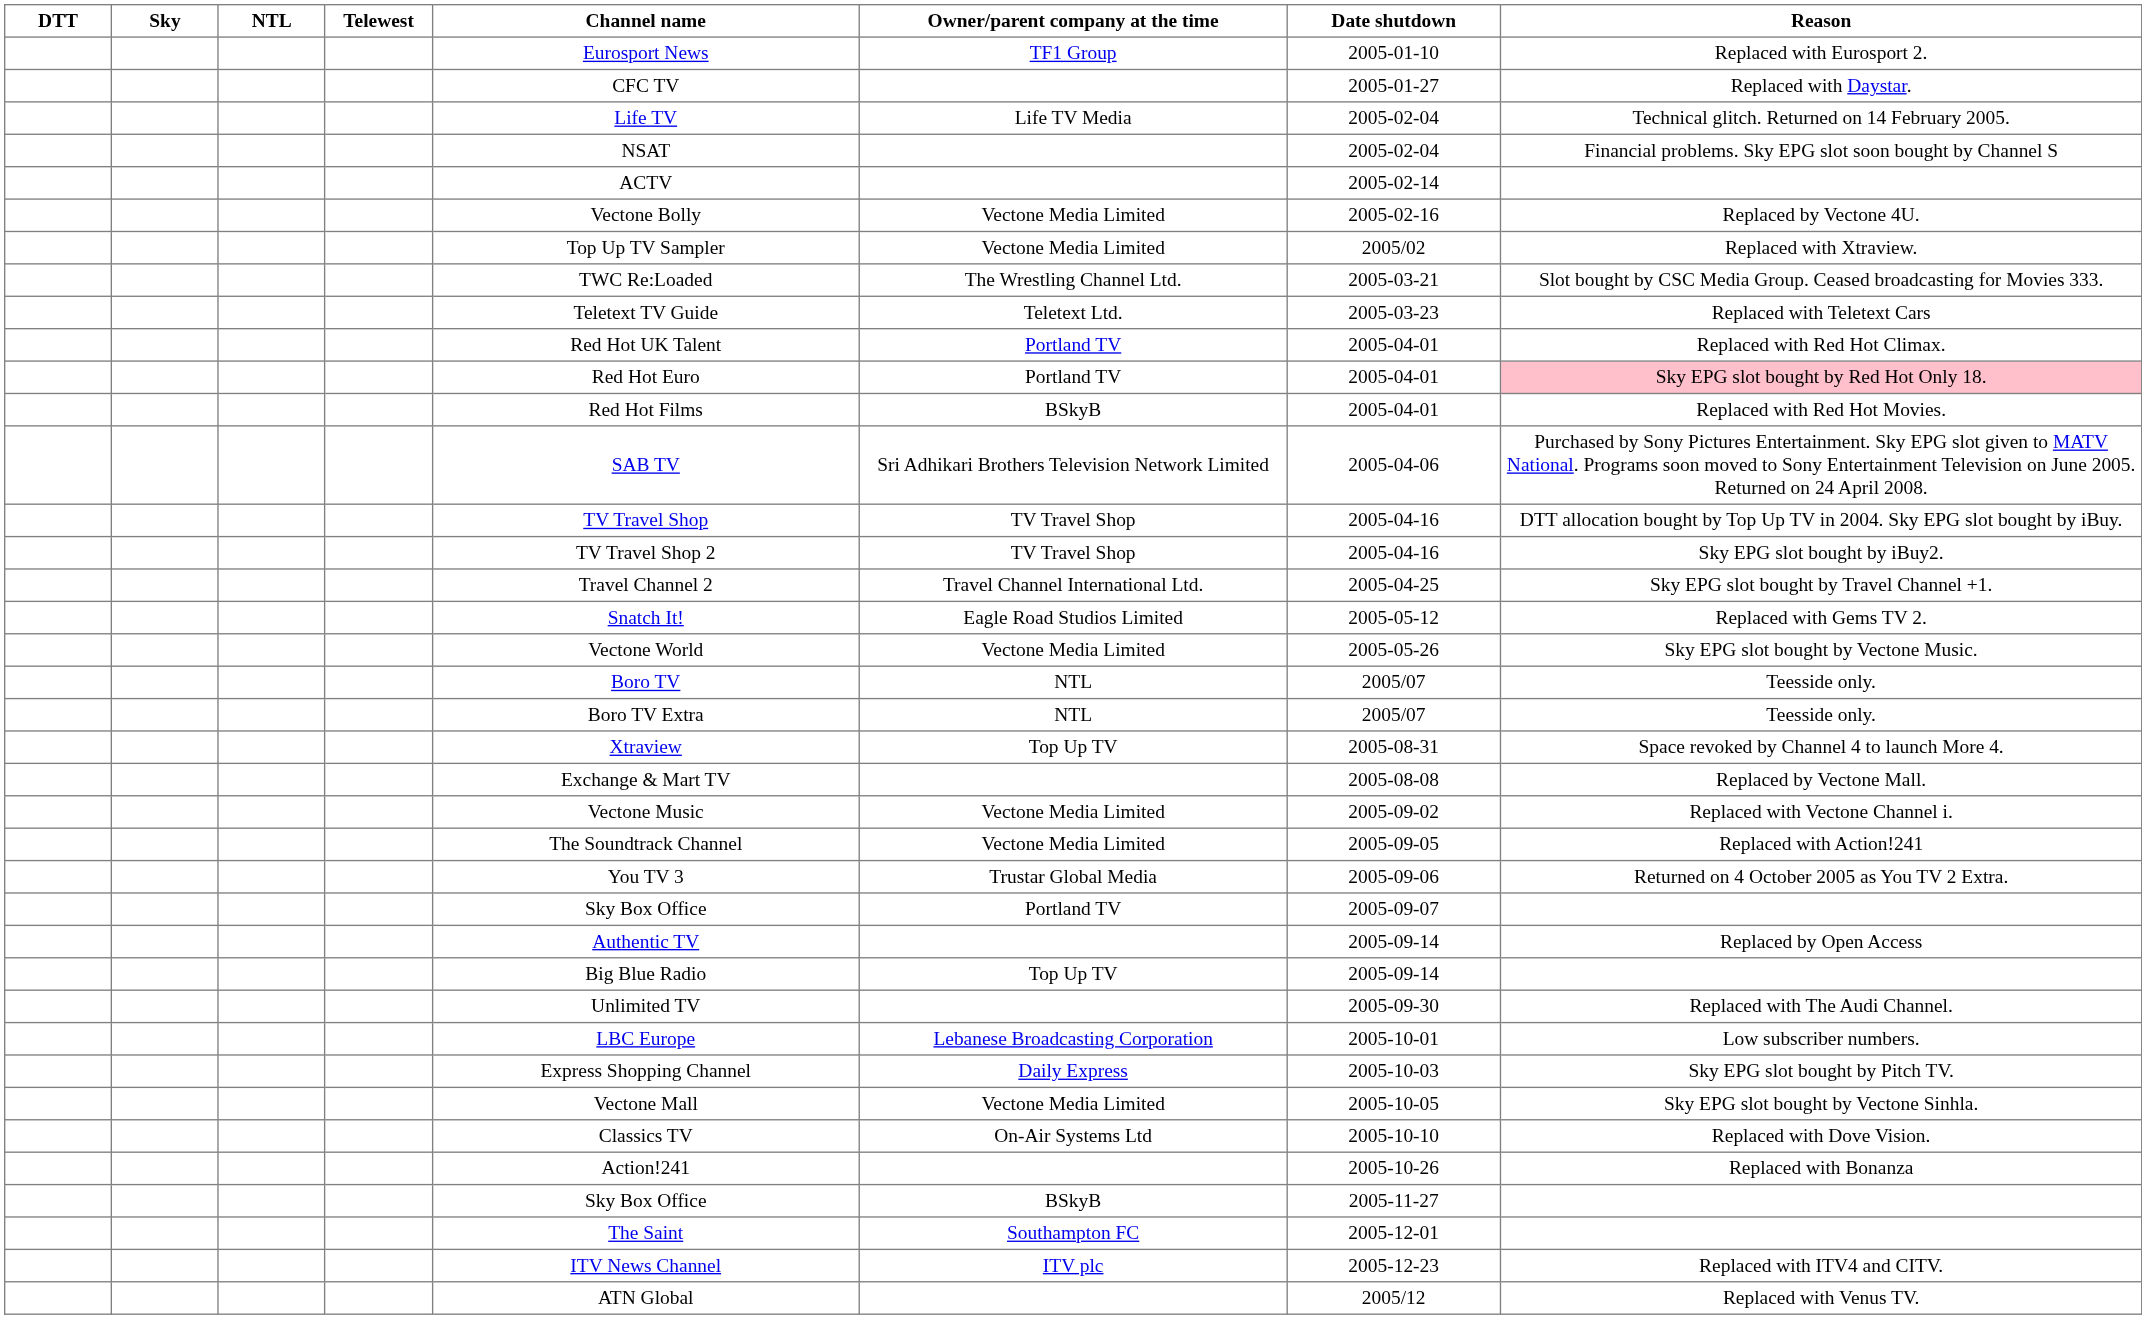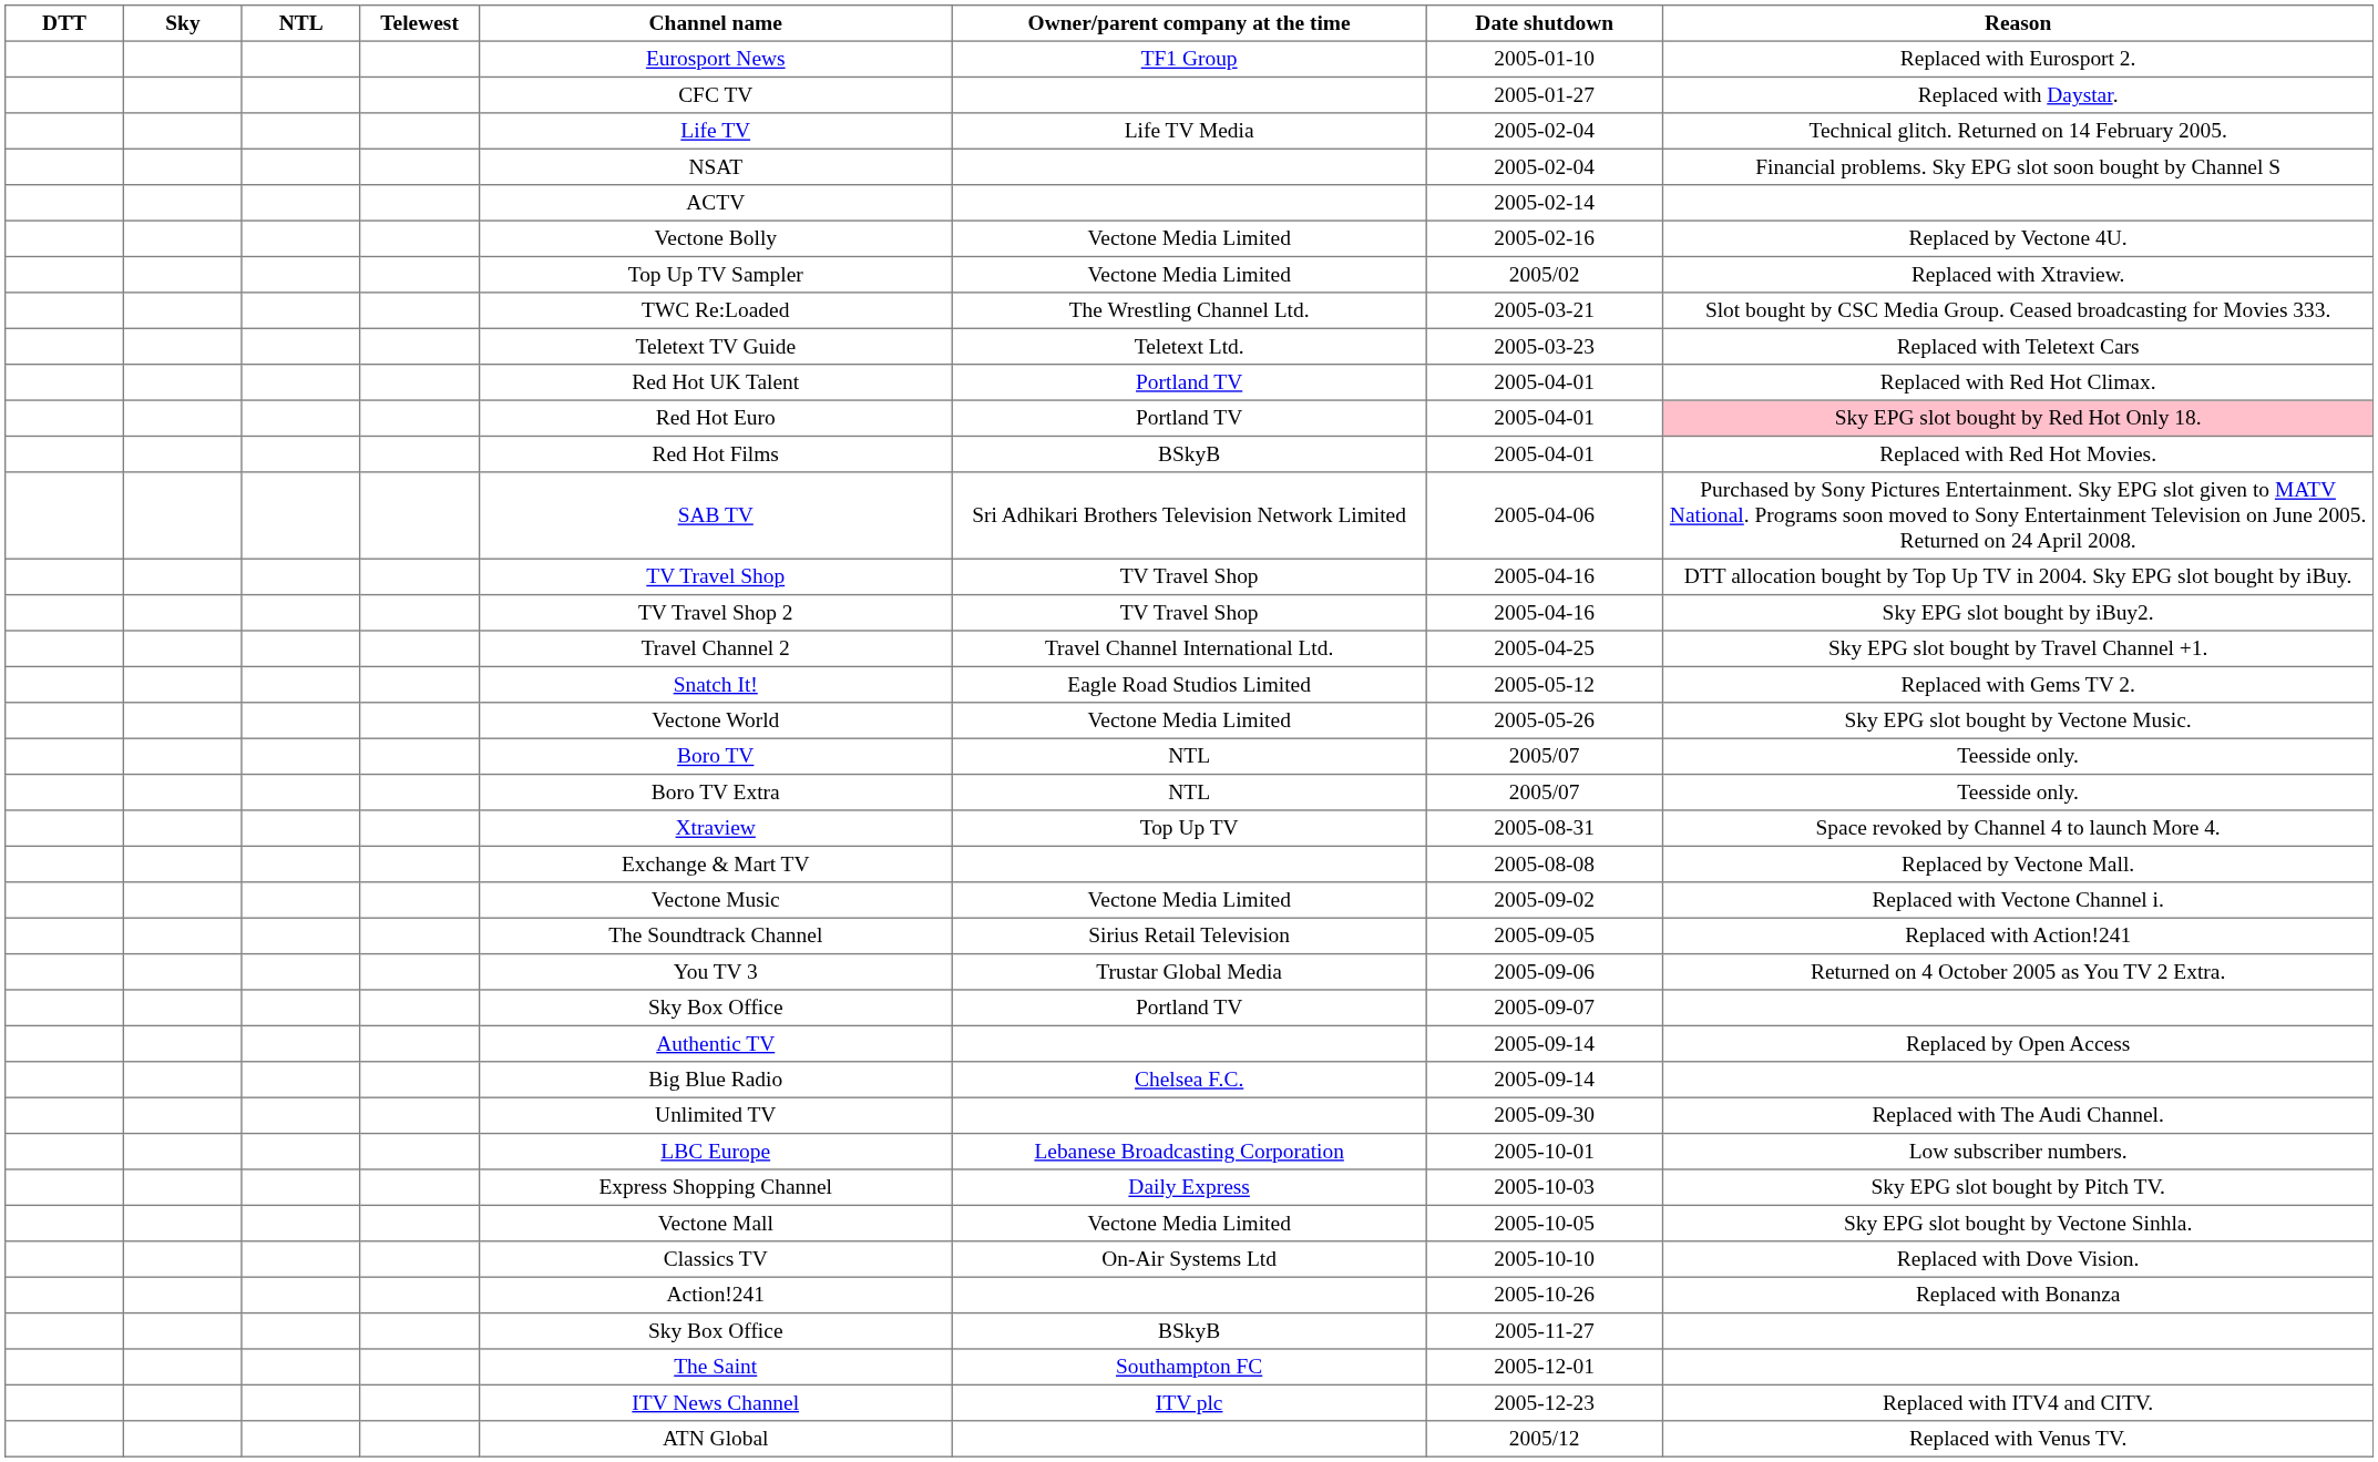 <table class="toccolors sortable" border="1" cellpadding="3" style="border-collapse:collapse; font-size: 90%; text-align:center" width="100%">
 <tr>
 <th width="5%">DTT</th>
 <th width="5%">Sky</th>
 <th width="5%">NTL</th>
 <th width="5%">Telewest</th>
 <th width="20%">Channel name</th>
 <th width="20%">Owner/parent company at the time</th>
 <th width="10%">Date shutdown </th>
 <th width="30%">Reason</th>
 </tr>
 <tr>
 <td></td>
 <td></td>
 <td></td>
 <td></td>
 <td><a href='#'>Eurosport News</a></td>
 <td><a href='#'>TF1 Group</a></td>
 <td>2005-01-10</td>
 <td>Replaced with Eurosport 2.</td>
 </tr>
 <tr>
 <td></td>
 <td></td>
 <td></td>
 <td></td>
 <td>CFC TV</td>
 <td></td>
 <td>2005-01-27</td>
 <td>Replaced with <a href='#'>Daystar</a>.</td>
 </tr>
 <tr>
 <td></td>
 <td></td>
 <td></td>
 <td></td>
 <td><a href='#'>Life TV</a></td>
 <td>Life TV Media</td>
 <td>2005-02-04</td>
 <td>Technical glitch. Returned on 14 February 2005.</td>
 </tr>
 <tr>
 <td></td>
 <td></td>
 <td></td>
 <td></td>
 <td>NSAT</td>
 <td></td>
 <td>2005-02-04</td>
 <td>Financial problems.  Sky EPG slot soon bought by Channel S</td>
 </tr>
 <tr>
 <td></td>
 <td></td>
 <td></td>
 <td></td>
 <td>ACTV</td>
 <td></td>
 <td>2005-02-14</td>
 <td></td>
 </tr>
 <tr>
 <td></td>
 <td></td>
 <td></td>
 <td></td>
 <td>Vectone Bolly</td>
 <td>Vectone Media Limited</td>
 <td>2005-02-16</td>
 <td>Replaced by Vectone 4U.</td>
 </tr>
 <tr>
 <td></td>
 <td></td>
 <td></td>
 <td></td>
 <td>Top Up TV Sampler</td>
 <td>Vectone Media Limited</td>
 <td>2005/02</td>
 <td>Replaced with Xtraview.</td>
 </tr>
 <tr>
 <td></td>
 <td></td>
 <td></td>
 <td></td>
 <td>TWC Re:Loaded</td>
 <td>The Wrestling Channel Ltd.</td>
 <td>2005-03-21</td>
 <td>Slot bought by CSC Media Group. Ceased broadcasting for Movies 333.</td>
 </tr>
 <tr>
 <td></td>
 <td></td>
 <td></td>
 <td></td>
 <td>Teletext TV Guide</td>
 <td>Teletext Ltd.</td>
 <td>2005-03-23</td>
 <td>Replaced with Teletext Cars</td>
 </tr>
 <tr>
 <td></td>
 <td></td>
 <td></td>
 <td></td>
 <td>Red Hot UK Talent</td>
 <td><a href='#'>Portland TV</a></td>
 <td>2005-04-01</td>
 <td>Replaced with Red Hot Climax.</td>
 </tr>
 <tr>
 <td></td>
 <td></td>
 <td></td>
 <td></td>
 <td>Red Hot Euro</td>
 <td>Portland TV</td>
 <td>2005-04-01</td>
 <td style="background: pink;">Sky EPG slot bought by Red Hot Only 18.</td>
 </tr>
 <tr>
 <td></td>
 <td></td>
 <td></td>
 <td></td>
 <td>Red Hot Films</td>
 <td>BSkyB</td>
 <td>2005-04-01</td>
 <td>Replaced with Red Hot Movies.</td>
 </tr>
 <tr>
 <td></td>
 <td></td>
 <td></td>
 <td></td>
 <td><a href='#'>SAB TV</a></td>
 <td>Sri Adhikari Brothers Television Network Limited</td>
 <td>2005-04-06</td>
 <td>Purchased by Sony Pictures Entertainment. Sky EPG slot given to <a href='#'>MATV National</a>. Programs soon moved to Sony Entertainment Television on June 2005.  Returned on 24 April 2008.</td>
 </tr>
 <tr>
 <td></td>
 <td></td>
 <td></td>
 <td></td>
 <td><a href='#'>TV Travel Shop</a></td>
 <td>TV Travel Shop</td>
 <td>2005-04-16</td>
 <td>DTT allocation bought by Top Up TV in 2004. Sky EPG slot bought by iBuy.</td>
 </tr>
 <tr>
 <td></td>
 <td></td>
 <td></td>
 <td></td>
 <td>TV Travel Shop 2</td>
 <td>TV Travel Shop</td>
 <td>2005-04-16</td>
 <td>Sky EPG slot bought by iBuy2.</td>
 </tr>
 <tr>
 <td></td>
 <td></td>
 <td></td>
 <td></td>
 <td>Travel Channel 2</td>
 <td>Travel Channel International Ltd.</td>
 <td>2005-04-25</td>
 <td>Sky EPG slot bought by Travel Channel +1.</td>
 </tr>
 <tr>
 <td></td>
 <td></td>
 <td></td>
 <td></td>
 <td><a href='#'>Snatch It!</a></td>
 <td>Eagle Road Studios Limited</td>
 <td>2005-05-12</td>
 <td>Replaced with Gems TV 2.</td>
 </tr>
 <tr>
 <td></td>
 <td></td>
 <td></td>
 <td></td>
 <td>Vectone World</td>
 <td>Vectone Media Limited</td>
 <td>2005-05-26</td>
 <td>Sky EPG slot bought by Vectone Music.</td>
 </tr>
 <tr>
 <td></td>
 <td></td>
 <td></td>
 <td></td>
 <td><a href='#'>Boro TV</a></td>
 <td>NTL</td>
 <td>2005/07</td>
 <td>Teesside only.</td>
 </tr>
 <tr>
 <td></td>
 <td></td>
 <td></td>
 <td></td>
 <td>Boro TV Extra</td>
 <td>NTL</td>
 <td>2005/07</td>
 <td>Teesside only.</td>
 </tr>
 <tr>
 <td></td>
 <td></td>
 <td></td>
 <td></td>
 <td><a href='#'>Xtraview</a></td>
 <td>Top Up TV</td>
 <td>2005-08-31</td>
 <td>Space revoked by Channel 4 to launch More 4.</td>
 </tr>
 <tr>
 <td></td>
 <td></td>
 <td></td>
 <td></td>
 <td>Exchange & Mart TV</td>
 <td></td>
 <td>2005-08-08</td>
 <td> Replaced by Vectone Mall.</td>
 </tr>
 <tr>
 <td></td>
 <td></td>
 <td></td>
 <td></td>
 <td>Vectone Music</td>
 <td>Vectone Media Limited</td>
 <td>2005-09-02</td>
 <td>Replaced with Vectone Channel i.</td>
 </tr>
 <tr>
 <td></td>
 <td></td>
 <td></td>
 <td></td>
 <td>The Soundtrack Channel</td>
-<td>Vectone Media Limited</td>
+<td>Sirius Retail Television</td>
 <td>2005-09-05</td>
 <td>Replaced with Action!241</td>
 </tr>
 <tr>
 <td></td>
 <td></td>
 <td></td>
 <td></td>
 <td>You TV 3</td>
 <td>Trustar Global Media</td>
 <td>2005-09-06</td>
 <td>Returned on 4 October 2005 as You TV 2 Extra.</td>
 </tr>
 <tr>
 <td></td>
 <td></td>
 <td></td>
 <td></td>
 <td>Sky Box Office</td>
 <td>Portland TV</td>
 <td>2005-09-07</td>
 <td></td>
 </tr>
 <tr>
 <td></td>
 <td></td>
 <td></td>
 <td></td>
 <td><a href='#'>Authentic TV</a></td>
 <td></td>
 <td>2005-09-14</td>
 <td>Replaced by Open Access</td>
 </tr>
 <tr>
 <td></td>
 <td></td>
 <td></td>
 <td></td>
 <td>Big Blue Radio</td>
-<td>Top Up TV</td>
+<td><a href='#'>Chelsea F.C.</a></td>
 <td>2005-09-14</td>
 <td></td>
 </tr>
 <tr>
 <td></td>
 <td></td>
 <td></td>
 <td></td>
 <td>Unlimited TV</td>
 <td></td>
 <td>2005-09-30</td>
 <td>Replaced with The Audi Channel.</td>
 </tr>
 <tr>
 <td></td>
 <td></td>
 <td></td>
 <td></td>
 <td><a href='#'>LBC Europe</a></td>
 <td><a href='#'>Lebanese Broadcasting Corporation</a></td>
 <td>2005-10-01</td>
 <td>Low subscriber numbers.</td>
 </tr>
 <tr>
 <td></td>
 <td></td>
 <td></td>
 <td></td>
 <td>Express Shopping Channel</td>
 <td><a href='#'>Daily Express</a></td>
 <td>2005-10-03</td>
 <td>Sky EPG slot bought by Pitch TV.</td>
 </tr>
 <tr>
 <td></td>
 <td></td>
 <td></td>
 <td></td>
 <td>Vectone Mall</td>
 <td>Vectone Media Limited</td>
 <td>2005-10-05</td>
 <td>Sky EPG slot bought by Vectone Sinhla.</td>
 </tr>
 <tr>
 <td></td>
 <td></td>
 <td></td>
 <td></td>
 <td>Classics TV</td>
 <td>On-Air Systems Ltd</td>
 <td>2005-10-10</td>
 <td>Replaced with Dove Vision.</td>
 </tr>
 <tr>
 <td></td>
 <td></td>
 <td></td>
 <td></td>
 <td>Action!241</td>
 <td></td>
 <td>2005-10-26</td>
 <td>Replaced with Bonanza</td>
 </tr>
 <tr>
 <td></td>
 <td></td>
 <td></td>
 <td></td>
 <td>Sky Box Office</td>
 <td>BSkyB</td>
 <td>2005-11-27</td>
 <td></td>
 </tr>
 <tr>
 <td></td>
 <td></td>
 <td></td>
 <td></td>
 <td><a href='#'>The Saint</a></td>
 <td><a href='#'>Southampton FC</a></td>
 <td>2005-12-01</td>
 <td></td>
 </tr>
 <tr>
 <td></td>
 <td></td>
 <td></td>
 <td></td>
 <td><a href='#'>ITV News Channel</a></td>
 <td><a href='#'>ITV plc</a></td>
 <td>2005-12-23</td>
 <td>Replaced with ITV4 and CITV.</td>
 </tr>
 <tr>
 <td></td>
 <td></td>
 <td></td>
 <td></td>
 <td>ATN Global</td>
 <td></td>
 <td>2005/12</td>
 <td>Replaced with Venus TV.</td>
 </tr>
 </table>
